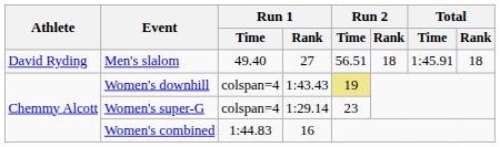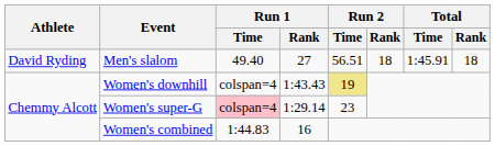 <table class="wikitable" style="font-size:90%">
 <tr>
 <th rowspan=2>Athlete</th>
 <th rowspan=2>Event</th>
 <th colspan=2>Run 1</th>
 <th colspan=2>Run 2</th>
 <th colspan=2>Total</th>
 </tr>
 <tr style="font-size:95%">
 <th>Time</th>
 <th>Rank</th>
 <th>Time</th>
 <th>Rank</th>
 <th>Time</th>
 <th>Rank</th>
 </tr>
 <tr align=center>
 <td align=left><a href='#'>David Ryding</a></td>
 <td align=left><a href='#'>Men's slalom</a></td>
 <td>49.40</td>
 <td>27</td>
 <td>56.51</td>
 <td>18</td>
 <td>1:45.91</td>
 <td>18</td>
 </tr>
 <tr align=center>
 <td style="text-align:left;" rowspan="3"><a href='#'>Chemmy Alcott</a></td>
 <td align=left><a href='#'>Women's downhill</a></td>
 <td>colspan=4 </td>
 <td>1:43.43</td>
 <td style="background: khaki;">19</td>
 </tr>
 <tr align=center>
 <td align=left><a href='#'>Women's super-G</a></td>
-<td>colspan=4 </td>
+<td style="background: pink;">colspan=4 </td>
 <td>1:29.14</td>
 <td>23</td>
 </tr>
 <tr align=center>
 <td align=left><a href='#'>Women's combined</a></td>
 <td>1:44.83</td>
 <td>16</td>
 <td colspan=4></td>
 </tr>
 </table>
